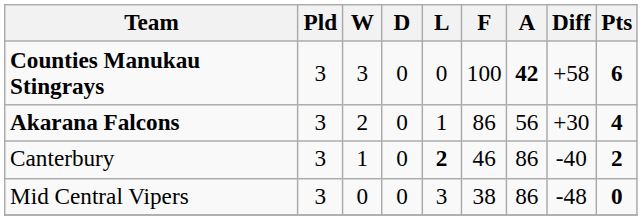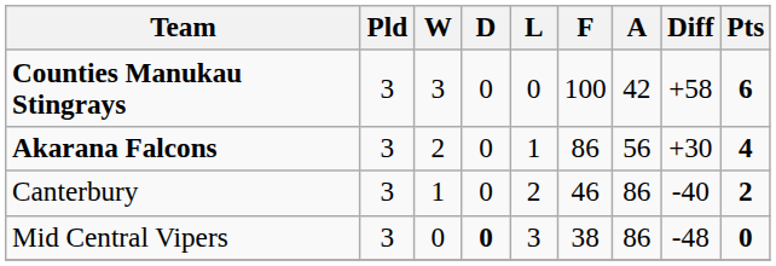 <table class="wikitable" style="text-align:center;">
 <tr>
 <th width=195>Team</th>
 <th width=20 abbr="Played">Pld</th>
 <th width=20 abbr="Won">W</th>
 <th width=20 abbr="Drawn">D</th>
 <th width=20 abbr="Lost">L</th>
 <th width=20 abbr="For">F</th>
 <th width=20 abbr="Against">A</th>
 <th width=20 abbr="Difference">Diff</th>
 <th width=20 abbr="Points">Pts</th>
 </tr>
 <tr>
 <td style="text-align:left;"><strong>Counties Manukau Stingrays</strong></td>
 <td>3</td>
 <td>3</td>
 <td>0</td>
 <td>0</td>
 <td>100</td>
-<td><strong>42</strong></td>
+<td>42</td>
 <td>+58</td>
 <td><strong>6</strong></td>
 </tr>
 <tr>
 <td style="text-align:left;"><strong>Akarana Falcons</strong></td>
 <td>3</td>
 <td>2</td>
 <td>0</td>
 <td>1</td>
 <td>86</td>
 <td>56</td>
 <td>+30</td>
 <td><strong>4</strong></td>
 </tr>
 <tr>
 <td style="text-align:left;">Canterbury</td>
 <td>3</td>
 <td>1</td>
 <td>0</td>
-<td><strong>2</strong></td>
+<td>2</td>
 <td>46</td>
 <td>86</td>
 <td>-40</td>
 <td><strong>2</strong></td>
 </tr>
 <tr>
 <td style="text-align:left;">Mid Central Vipers</td>
 <td>3</td>
 <td>0</td>
-<td>0</td>
+<td><strong>0</strong></td>
 <td>3</td>
 <td>38</td>
 <td>86</td>
 <td>-48</td>
 <td><strong>0</strong></td>
 </tr>
 <tr>
 </tr>
 </table>
